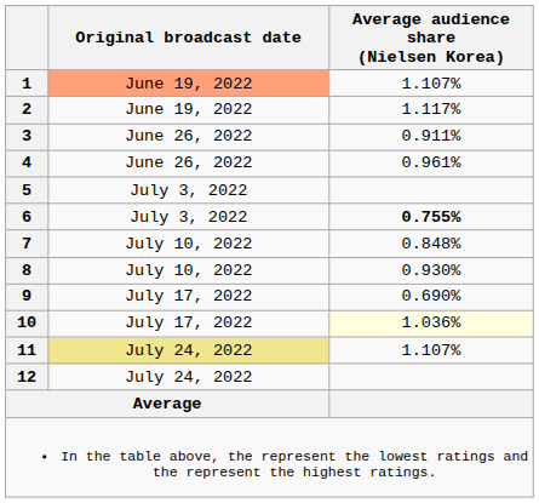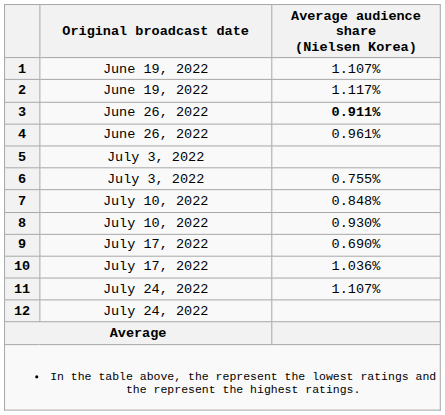 <table class="wikitable" style="width:420px; text-align:center">
 <tr>
 <th scope="col"></th>
 <th scope="col">Original broadcast date</th>
 <th scope="col" style="width:12em">Average audience share<br>(Nielsen Korea)</th>
 </tr>
 <tr>
 <th scope="col">1</th>
-<td style="background: lightsalmon;">June 19, 2022</td>
+<td>June 19, 2022</td>
 <td>1.107%</td>
 </tr>
 <tr>
 <th scope="col">2</th>
 <td>June 19, 2022</td>
 <td>1.117%</td>
 </tr>
 <tr>
 <th scope="col">3</th>
 <td>June 26, 2022</td>
-<td>0.911%</td>
+<td><strong>0.911%</strong></td>
 </tr>
 <tr>
 <th scope="col">4</th>
 <td>June 26, 2022</td>
 <td>0.961%</td>
 </tr>
 <tr>
 <th scope="col">5</th>
 <td>July 3, 2022</td>
 <td></td>
 </tr>
 <tr>
 <th scope="col">6</th>
 <td>July 3, 2022</td>
-<td><strong>0.755%</strong></td>
+<td>0.755%</td>
 </tr>
 <tr>
 <th scope="col">7</th>
 <td>July 10, 2022</td>
 <td>0.848%</td>
 </tr>
 <tr>
 <th scope="col">8</th>
 <td>July 10, 2022</td>
 <td>0.930%</td>
 </tr>
 <tr>
 <th scope="col">9</th>
 <td>July 17, 2022</td>
 <td>0.690%</td>
 </tr>
 <tr>
 <th scope="col">10</th>
 <td>July 17, 2022</td>
-<td style="background: lightyellow;">1.036%</td>
+<td>1.036%</td>
 </tr>
 <tr>
 <th scope="col">11</th>
-<td style="background: khaki;">July 24, 2022</td>
+<td>July 24, 2022</td>
 <td>1.107%</td>
 </tr>
 <tr>
 <th scope="col">12</th>
 <td>July 24, 2022</td>
 <td></td>
 </tr>
 <tr>
 <th scope="col" colspan="2">Average</th>
 <th scope="col"></th>
 </tr>
 <tr>
 <td colspan="3" style="font-size:85%"><br><ul><li>In the table above, the <strong></strong> represent the lowest ratings and the <strong></strong> represent the highest ratings.</li></ul></td>
 </tr>
 </table>
